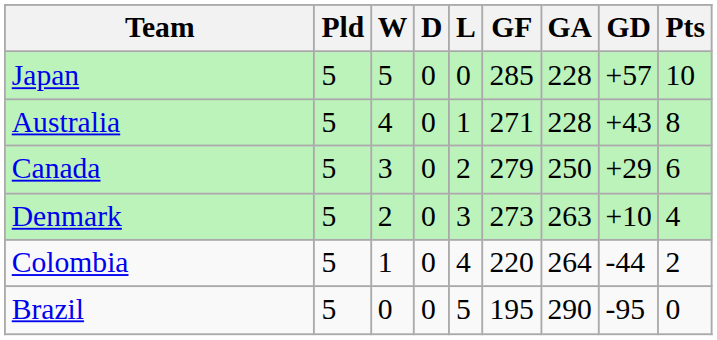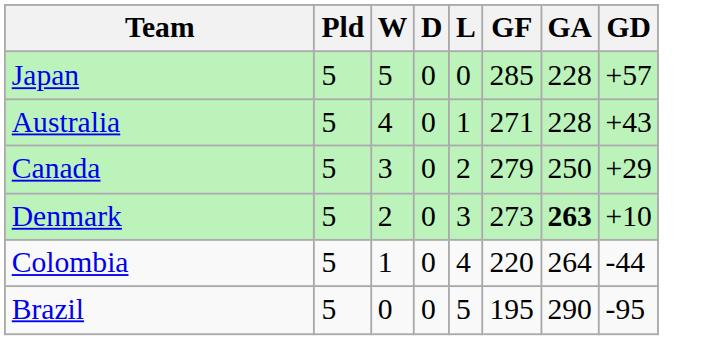 <table class="wikitable" border="1">
 <tr>
 <th style="width:10em;">Team</th>
 <th>Pld</th>
 <th>W</th>
 <th>D</th>
 <th>L</th>
 <th>GF</th>
 <th>GA</th>
 <th>GD</th>
-<th>Pts</th>
 </tr>
 <tr style="background:#BBF3BB">
 <td> <a href='#'>Japan</a></td>
 <td>5</td>
 <td>5</td>
 <td>0</td>
 <td>0</td>
 <td>285</td>
 <td>228</td>
 <td>+57</td>
-<td>10</td>
 </tr>
 <tr style="background:#BBF3BB">
 <td> <a href='#'>Australia</a></td>
 <td>5</td>
 <td>4</td>
 <td>0</td>
 <td>1</td>
 <td>271</td>
 <td>228</td>
 <td>+43</td>
-<td>8</td>
 </tr>
 <tr style="background:#BBF3BB">
 <td> <a href='#'>Canada</a></td>
 <td>5</td>
 <td>3</td>
 <td>0</td>
 <td>2</td>
 <td>279</td>
 <td>250</td>
 <td>+29</td>
-<td>6</td>
 </tr>
 <tr style="background:#BBF3BB">
 <td> <a href='#'>Denmark</a></td>
 <td>5</td>
 <td>2</td>
 <td>0</td>
 <td>3</td>
 <td>273</td>
-<td>263</td>
+<td><strong>263</strong></td>
 <td>+10</td>
-<td>4</td>
 </tr>
 <tr>
 <td> <a href='#'>Colombia</a></td>
 <td>5</td>
 <td>1</td>
 <td>0</td>
 <td>4</td>
 <td>220</td>
 <td>264</td>
 <td>-44</td>
-<td>2</td>
 </tr>
 <tr>
 <td> <a href='#'>Brazil</a></td>
 <td>5</td>
 <td>0</td>
 <td>0</td>
 <td>5</td>
 <td>195</td>
 <td>290</td>
 <td>-95</td>
-<td>0</td>
 </tr>
 </table>
